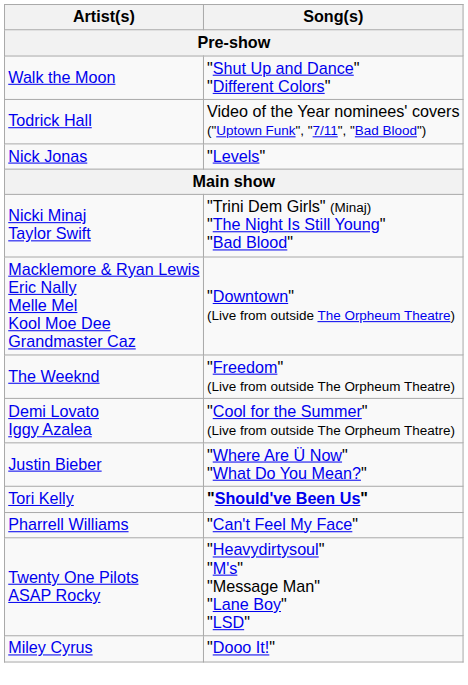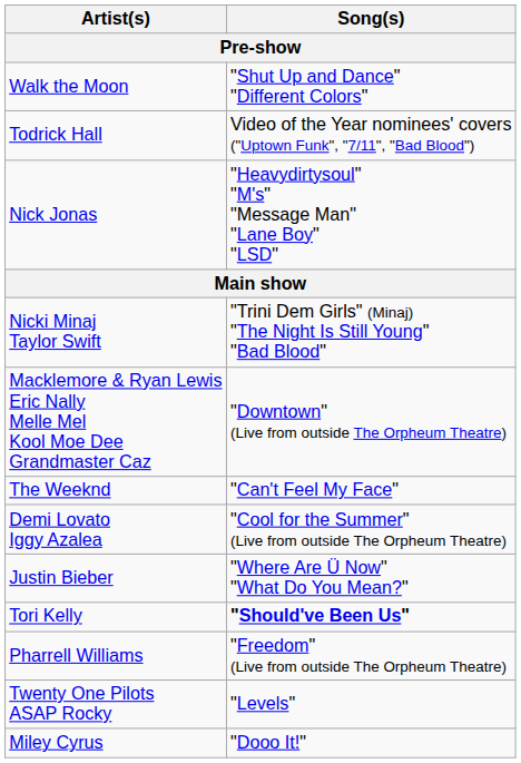 <table class="wikitable">
 <tr>
 <th>Artist(s)</th>
 <th>Song(s)</th>
 </tr>
 <tr>
 <th colspan=3>Pre-show</th>
 </tr>
 <tr>
 <td><a href='#'>Walk the Moon</a></td>
 <td>"<a href='#'>Shut Up and Dance</a>"<br>"<a href='#'>Different Colors</a>"</td>
 </tr>
 <tr>
 <td><a href='#'>Todrick Hall</a></td>
 <td>Video of the Year nominees' covers <br><small>("<a href='#'>Uptown Funk</a>", "<a href='#'>7/11</a>", "<a href='#'>Bad Blood</a>")</small></td>
 </tr>
 <tr>
 <td><a href='#'>Nick Jonas</a></td>
-<td>"<a href='#'>Levels</a>"</td>
+<td>"<a href='#'>Heavydirtysoul</a>"<br>"<a href='#'>M's</a>"<br>"Message Man"<br>"<a href='#'>Lane Boy</a>"<br>"<a href='#'>LSD</a>"</td>
 </tr>
 <tr>
 <th colspan=2>Main show</th>
 </tr>
 <tr>
 <td><a href='#'>Nicki Minaj</a><br><a href='#'>Taylor Swift</a></td>
 <td>"Trini Dem Girls" <small>(Minaj)</small><br>"<a href='#'>The Night Is Still Young</a>"<br>"<a href='#'>Bad Blood</a>"</td>
 </tr>
 <tr>
 <td><a href='#'>Macklemore & Ryan Lewis</a><br><a href='#'>Eric Nally</a><br><a href='#'>Melle Mel</a><br><a href='#'>Kool Moe Dee</a><br><a href='#'>Grandmaster Caz</a></td>
 <td>"<a href='#'>Downtown</a>" <br><small>(Live from outside <a href='#'>The Orpheum Theatre</a>)</small></td>
 </tr>
 <tr>
 <td><a href='#'>The Weeknd</a></td>
-<td>"<a href='#'>Freedom</a>"<br><small>(Live from outside The Orpheum Theatre)</small></td>
+<td>"<a href='#'>Can't Feel My Face</a>"</td>
 </tr>
 <tr>
 <td><a href='#'>Demi Lovato</a><br><a href='#'>Iggy Azalea</a></td>
 <td>"<a href='#'>Cool for the Summer</a>" <br><small>(Live from outside The Orpheum Theatre)</small></td>
 </tr>
 <tr>
 <td><a href='#'>Justin Bieber</a></td>
 <td>"<a href='#'>Where Are Ü Now</a>"<br>"<a href='#'>What Do You Mean?</a>"</td>
 </tr>
 <tr>
 <td><a href='#'>Tori Kelly</a></td>
 <td><strong>"<a href='#'>Should've Been Us</a>"</strong></td>
 </tr>
 <tr>
 <td><a href='#'>Pharrell Williams</a></td>
-<td>"<a href='#'>Can't Feel My Face</a>"</td>
+<td>"<a href='#'>Freedom</a>"<br><small>(Live from outside The Orpheum Theatre)</small></td>
 </tr>
 <tr>
 <td><a href='#'>Twenty One Pilots</a><br><a href='#'>ASAP Rocky</a></td>
-<td>"<a href='#'>Heavydirtysoul</a>"<br>"<a href='#'>M's</a>"<br>"Message Man"<br>"<a href='#'>Lane Boy</a>"<br>"<a href='#'>LSD</a>"</td>
+<td>"<a href='#'>Levels</a>"</td>
 </tr>
 <tr>
 <td><a href='#'>Miley Cyrus</a></td>
 <td>"<a href='#'>Dooo It!</a>"</td>
 </tr>
 </table>
